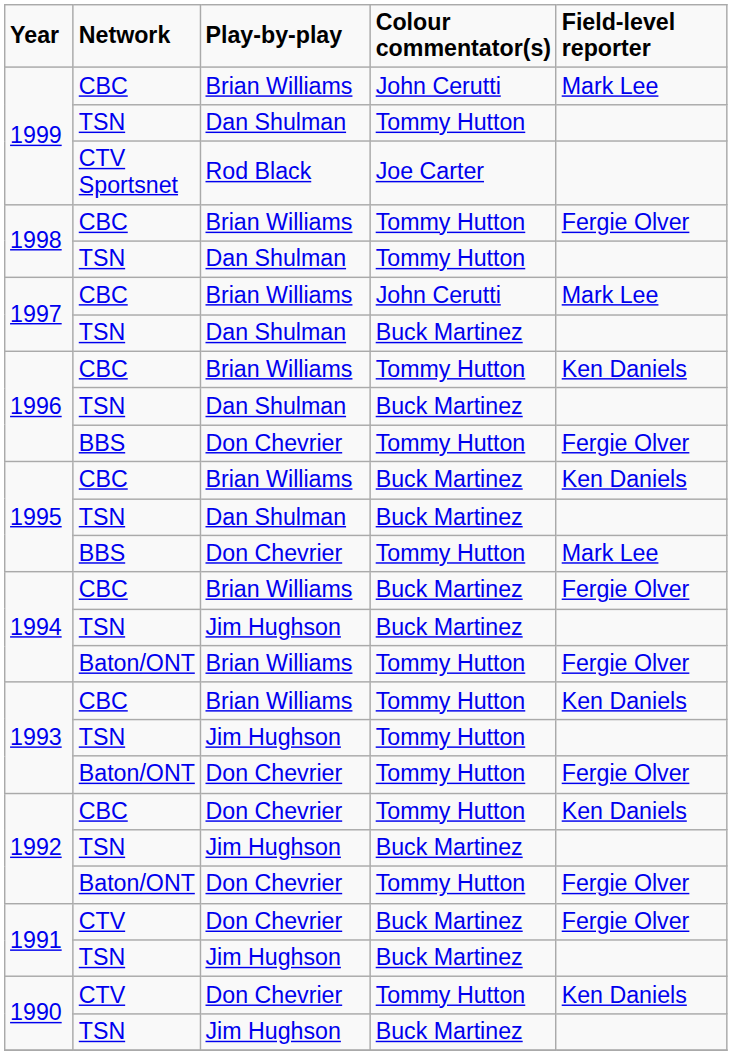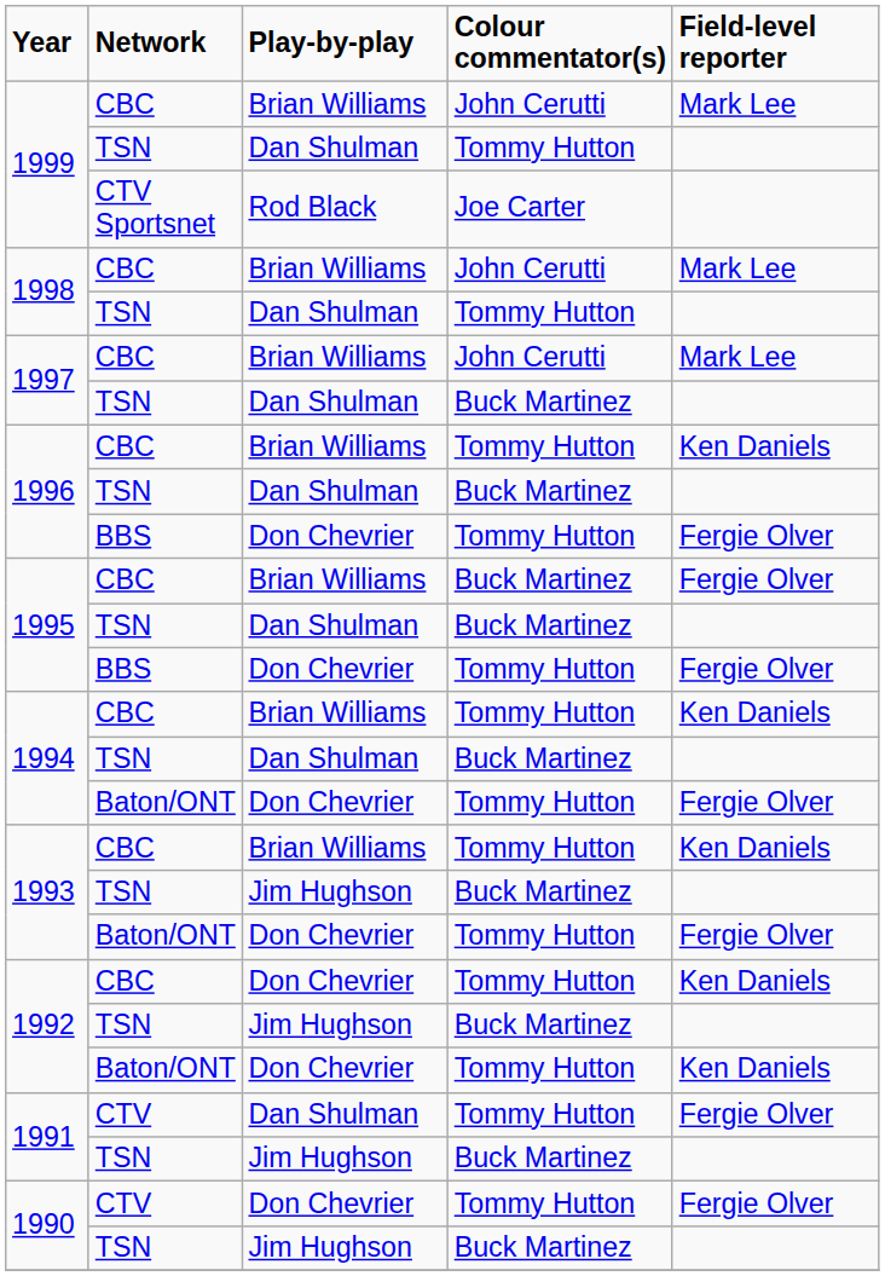 <table class="wikitable">
 <tr>
 <td width="40"><strong>Year</strong></td>
 <td width="75"><strong>Network</strong></td>
 <td width="110"><strong>Play-by-play</strong></td>
 <td width="110"><strong>Colour commentator(s)</strong></td>
 <td width="110"><strong>Field-level reporter</strong></td>
 </tr>
 <tr>
 <td rowspan=3><a href='#'>1999</a></td>
 <td><a href='#'>CBC</a></td>
 <td><a href='#'>Brian Williams</a></td>
 <td><a href='#'>John Cerutti</a></td>
 <td><a href='#'>Mark Lee</a></td>
 </tr>
 <tr>
 <td><a href='#'>TSN</a></td>
 <td><a href='#'>Dan Shulman</a></td>
 <td><a href='#'>Tommy Hutton</a></td>
 <td></td>
 </tr>
 <tr>
 <td><a href='#'>CTV Sportsnet</a></td>
 <td><a href='#'>Rod Black</a></td>
 <td><a href='#'>Joe Carter</a></td>
 <td></td>
 </tr>
 <tr>
 <td rowspan=2><a href='#'>1998</a></td>
 <td><a href='#'>CBC</a></td>
 <td><a href='#'>Brian Williams</a></td>
-<td><a href='#'>Tommy Hutton</a></td>
-<td><a href='#'>Fergie Olver</a></td>
+<td><a href='#'>John Cerutti</a></td>
+<td><a href='#'>Mark Lee</a></td>
 </tr>
 <tr>
 <td><a href='#'>TSN</a></td>
 <td><a href='#'>Dan Shulman</a></td>
 <td><a href='#'>Tommy Hutton</a></td>
 <td></td>
 </tr>
 <tr>
 <td rowspan=2><a href='#'>1997</a></td>
 <td><a href='#'>CBC</a></td>
 <td><a href='#'>Brian Williams</a></td>
 <td><a href='#'>John Cerutti</a></td>
 <td><a href='#'>Mark Lee</a></td>
 </tr>
 <tr>
 <td><a href='#'>TSN</a></td>
 <td><a href='#'>Dan Shulman</a></td>
 <td><a href='#'>Buck Martinez</a></td>
 <td></td>
 </tr>
 <tr>
 <td rowspan=3><a href='#'>1996</a></td>
 <td><a href='#'>CBC</a></td>
 <td><a href='#'>Brian Williams</a></td>
 <td><a href='#'>Tommy Hutton</a></td>
 <td><a href='#'>Ken Daniels</a></td>
 </tr>
 <tr>
 <td><a href='#'>TSN</a></td>
 <td><a href='#'>Dan Shulman</a></td>
 <td><a href='#'>Buck Martinez</a></td>
 <td></td>
 </tr>
 <tr>
 <td><a href='#'>BBS</a></td>
 <td><a href='#'>Don Chevrier</a></td>
 <td><a href='#'>Tommy Hutton</a></td>
 <td><a href='#'>Fergie Olver</a></td>
 </tr>
 <tr>
 <td rowspan=3><a href='#'>1995</a></td>
 <td><a href='#'>CBC</a></td>
 <td><a href='#'>Brian Williams</a></td>
 <td><a href='#'>Buck Martinez</a></td>
-<td><a href='#'>Ken Daniels</a></td>
+<td><a href='#'>Fergie Olver</a></td>
 </tr>
 <tr>
 <td><a href='#'>TSN</a></td>
 <td><a href='#'>Dan Shulman</a></td>
 <td><a href='#'>Buck Martinez</a></td>
 <td></td>
 </tr>
 <tr>
 <td><a href='#'>BBS</a></td>
 <td><a href='#'>Don Chevrier</a></td>
 <td><a href='#'>Tommy Hutton</a></td>
-<td><a href='#'>Mark Lee</a></td>
+<td><a href='#'>Fergie Olver</a></td>
 </tr>
 <tr>
 <td rowspan=3><a href='#'>1994</a></td>
 <td><a href='#'>CBC</a></td>
 <td><a href='#'>Brian Williams</a></td>
-<td><a href='#'>Buck Martinez</a></td>
-<td><a href='#'>Fergie Olver</a></td>
+<td><a href='#'>Tommy Hutton</a></td>
+<td><a href='#'>Ken Daniels</a></td>
 </tr>
 <tr>
 <td><a href='#'>TSN</a></td>
-<td><a href='#'>Jim Hughson</a></td>
+<td><a href='#'>Dan Shulman</a></td>
 <td><a href='#'>Buck Martinez</a></td>
 <td></td>
 </tr>
 <tr>
 <td><a href='#'>Baton/ONT</a></td>
-<td><a href='#'>Brian Williams</a></td>
+<td><a href='#'>Don Chevrier</a></td>
 <td><a href='#'>Tommy Hutton</a></td>
 <td><a href='#'>Fergie Olver</a></td>
 </tr>
 <tr>
 <td rowspan=3><a href='#'>1993</a></td>
 <td><a href='#'>CBC</a></td>
 <td><a href='#'>Brian Williams</a></td>
 <td><a href='#'>Tommy Hutton</a></td>
 <td><a href='#'>Ken Daniels</a></td>
 </tr>
 <tr>
 <td><a href='#'>TSN</a></td>
 <td><a href='#'>Jim Hughson</a></td>
-<td><a href='#'>Tommy Hutton</a></td>
+<td><a href='#'>Buck Martinez</a></td>
 <td></td>
 </tr>
 <tr>
 <td><a href='#'>Baton/ONT</a></td>
 <td><a href='#'>Don Chevrier</a></td>
 <td><a href='#'>Tommy Hutton</a></td>
 <td><a href='#'>Fergie Olver</a></td>
 </tr>
 <tr>
 <td rowspan=3><a href='#'>1992</a></td>
 <td><a href='#'>CBC</a></td>
 <td><a href='#'>Don Chevrier</a></td>
 <td><a href='#'>Tommy Hutton</a></td>
 <td><a href='#'>Ken Daniels</a></td>
 </tr>
 <tr>
 <td><a href='#'>TSN</a></td>
 <td><a href='#'>Jim Hughson</a></td>
 <td><a href='#'>Buck Martinez</a></td>
 <td></td>
 </tr>
 <tr>
 <td><a href='#'>Baton/ONT</a></td>
 <td><a href='#'>Don Chevrier</a></td>
 <td><a href='#'>Tommy Hutton</a></td>
-<td><a href='#'>Fergie Olver</a></td>
+<td><a href='#'>Ken Daniels</a></td>
 </tr>
 <tr>
 <td rowspan=2><a href='#'>1991</a></td>
 <td><a href='#'>CTV</a></td>
-<td><a href='#'>Don Chevrier</a></td>
-<td><a href='#'>Buck Martinez</a></td>
+<td><a href='#'>Dan Shulman</a></td>
+<td><a href='#'>Tommy Hutton</a></td>
 <td><a href='#'>Fergie Olver</a></td>
 </tr>
 <tr>
 <td><a href='#'>TSN</a></td>
 <td><a href='#'>Jim Hughson</a></td>
 <td><a href='#'>Buck Martinez</a></td>
 <td></td>
 </tr>
 <tr>
 <td rowspan=2><a href='#'>1990</a></td>
 <td><a href='#'>CTV</a></td>
 <td><a href='#'>Don Chevrier</a></td>
 <td><a href='#'>Tommy Hutton</a></td>
-<td><a href='#'>Ken Daniels</a></td>
+<td><a href='#'>Fergie Olver</a></td>
 </tr>
 <tr>
 <td><a href='#'>TSN</a></td>
 <td><a href='#'>Jim Hughson</a></td>
 <td><a href='#'>Buck Martinez</a></td>
 <td></td>
 </tr>
 <tr>
 </tr>
 </table>
